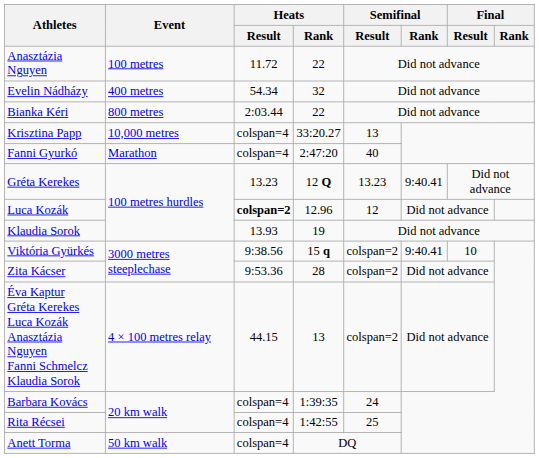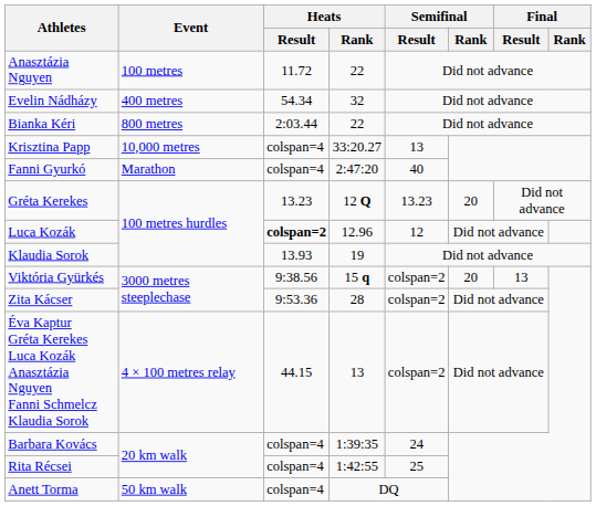 <table class="wikitable" border="1" style="font-size:90%">
 <tr>
 <th rowspan="2">Athletes</th>
 <th rowspan="2">Event</th>
 <th colspan="2">Heats</th>
 <th colspan="2">Semifinal</th>
 <th colspan="2">Final</th>
 </tr>
 <tr>
 <th>Result</th>
 <th>Rank</th>
 <th>Result</th>
 <th>Rank</th>
 <th>Result</th>
 <th>Rank</th>
 </tr>
 <tr>
 <td><a href='#'>Anasztázia Nguyen</a></td>
 <td><a href='#'>100 metres</a></td>
 <td align=center>11.72</td>
 <td align=center>22</td>
 <td align=center colspan=4>Did not advance</td>
 </tr>
 <tr>
 <td><a href='#'>Evelin Nádházy</a></td>
 <td><a href='#'>400 metres</a></td>
 <td align=center>54.34</td>
 <td align=center>32</td>
 <td align=center colspan=4>Did not advance</td>
 </tr>
 <tr>
 <td><a href='#'>Bianka Kéri</a></td>
 <td><a href='#'>800 metres</a></td>
 <td align=center>2:03.44</td>
 <td align=center>22</td>
 <td align=center colspan=4>Did not advance</td>
 </tr>
 <tr>
 <td><a href='#'>Krisztina Papp</a></td>
 <td><a href='#'>10,000 metres</a></td>
 <td>colspan=4</td>
 <td align=center>33:20.27</td>
 <td align=center>13</td>
 </tr>
 <tr>
 <td><a href='#'>Fanni Gyurkó</a></td>
 <td><a href='#'>Marathon</a></td>
 <td>colspan=4</td>
 <td align=center>2:47:20</td>
 <td align=center>40</td>
 </tr>
 <tr>
 <td><a href='#'>Gréta Kerekes</a></td>
 <td rowspan=3><a href='#'>100 metres hurdles</a></td>
 <td align=center>13.23</td>
 <td align=center>12 <strong>Q</strong></td>
 <td align=center>13.23</td>
-<td align=center>9:40.41</td>
+<td align=center>20</td>
 <td align=center colspan=2>Did not advance</td>
 </tr>
 <tr>
 <td><a href='#'>Luca Kozák</a></td>
 <td><strong>colspan=2 </strong></td>
 <td align=center>12.96</td>
 <td align=center>12</td>
 <td align=center colspan=2>Did not advance</td>
 </tr>
 <tr>
 <td><a href='#'>Klaudia Sorok</a></td>
 <td align=center>13.93</td>
 <td align=center>19</td>
 <td align=center colspan=4>Did not advance</td>
 </tr>
 <tr>
 <td><a href='#'>Viktória Gyürkés</a></td>
 <td rowspan=2><a href='#'>3000 metres steeplechase</a></td>
 <td align=center>9:38.56</td>
 <td align=center>15 <strong>q</strong></td>
 <td>colspan=2</td>
-<td align=center>9:40.41</td>
-<td align=center>10</td>
+<td align=center>20</td>
+<td align=center>13</td>
 </tr>
 <tr>
 <td><a href='#'>Zita Kácser</a></td>
 <td align=center>9:53.36</td>
 <td align=center>28</td>
 <td>colspan=2</td>
 <td align=center colspan=2>Did not advance</td>
 </tr>
 <tr>
 <td><a href='#'>Éva Kaptur</a><br><a href='#'>Gréta Kerekes</a><br><a href='#'>Luca Kozák</a><br><a href='#'>Anasztázia Nguyen</a><br><a href='#'>Fanni Schmelcz</a><br><a href='#'>Klaudia Sorok</a></td>
 <td><a href='#'>4 × 100 metres relay</a></td>
 <td align=center>44.15</td>
 <td align=center>13</td>
 <td>colspan=2</td>
 <td align=center colspan=2>Did not advance</td>
 </tr>
 <tr>
 <td><a href='#'>Barbara Kovács</a></td>
 <td rowspan=2><a href='#'>20 km walk</a></td>
 <td>colspan=4</td>
 <td align=center>1:39:35</td>
 <td align=center>24</td>
 </tr>
 <tr>
 <td><a href='#'>Rita Récsei</a></td>
 <td>colspan=4</td>
 <td align=center>1:42:55</td>
 <td align=center>25</td>
 </tr>
 <tr>
 <td><a href='#'>Anett Torma</a></td>
 <td><a href='#'>50 km walk</a></td>
 <td>colspan=4</td>
 <td align=center colspan=2>DQ</td>
 </tr>
 </table>
